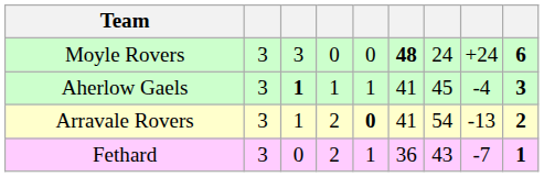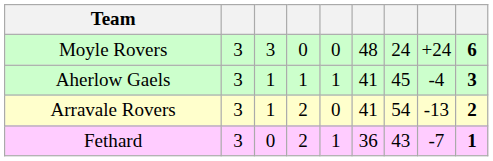 <table class="wikitable" style="text-align:center">
 <tr>
 <th style="width:175px;">Team</th>
 <th width="20"></th>
 <th width="20"></th>
 <th width="20"></th>
 <th width="20"></th>
 <th width="20"></th>
 <th width="20"></th>
 <th width="20"></th>
 <th width="20"></th>
 </tr>
 <tr style="background:#cfc;">
 <td>Moyle Rovers</td>
 <td>3</td>
 <td>3</td>
 <td>0</td>
 <td>0</td>
-<td><strong>48</strong></td>
+<td>48</td>
 <td>24</td>
 <td>+24</td>
 <td><strong>6</strong></td>
 </tr>
 <tr style="background:#cfc;">
 <td>Aherlow Gaels</td>
 <td>3</td>
-<td><strong>1</strong></td>
+<td>1</td>
 <td>1</td>
 <td>1</td>
 <td>41</td>
 <td>45</td>
 <td>-4</td>
 <td><strong>3</strong></td>
 </tr>
 <tr style="background:#ffffcc;">
 <td>Arravale Rovers</td>
 <td>3</td>
 <td>1</td>
 <td>2</td>
-<td><strong>0</strong></td>
+<td>0</td>
 <td>41</td>
 <td>54</td>
 <td>-13</td>
 <td><strong>2</strong></td>
 </tr>
 <tr style="background:#fcf;">
 <td>Fethard</td>
 <td>3</td>
 <td>0</td>
 <td>2</td>
 <td>1</td>
 <td>36</td>
 <td>43</td>
 <td>-7</td>
 <td><strong>1</strong></td>
 </tr>
 </table>
